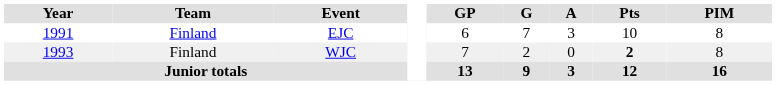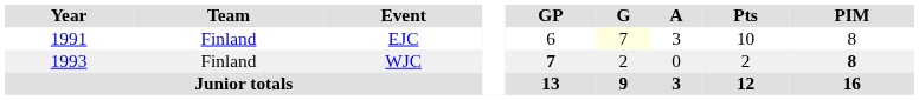 <table border="0" cellpadding="1" cellspacing="0" style="text-align:center; width:50em">
 <tr ALIGN="center" bgcolor="#e0e0e0">
 <th>Year</th>
 <th>Team</th>
 <th>Event</th>
 <th rowspan="99" bgcolor="#ffffff"> </th>
 <th>GP</th>
 <th>G</th>
 <th>A</th>
 <th>Pts</th>
 <th>PIM</th>
 </tr>
 <tr>
 <td><a href='#'>1991</a></td>
 <td><a href='#'>Finland</a></td>
 <td><a href='#'>EJC</a></td>
 <td>6</td>
-<td>7</td>
+<td style="background: lightyellow;">7</td>
 <td>3</td>
 <td>10</td>
 <td>8</td>
 </tr>
 <tr bgcolor="#f0f0f0">
 <td><a href='#'>1993</a></td>
 <td>Finland</td>
 <td><a href='#'>WJC</a></td>
-<td>7</td>
+<td><strong>7</strong></td>
 <td>2</td>
 <td>0</td>
-<td><strong>2</strong></td>
-<td>8</td>
+<td>2</td>
+<td><strong>8</strong></td>
 </tr>
 <tr bgcolor="#e0e0e0">
 <th colspan=3>Junior totals</th>
 <th>13</th>
 <th>9</th>
 <th>3</th>
 <th>12</th>
 <th>16</th>
 </tr>
 </table>
